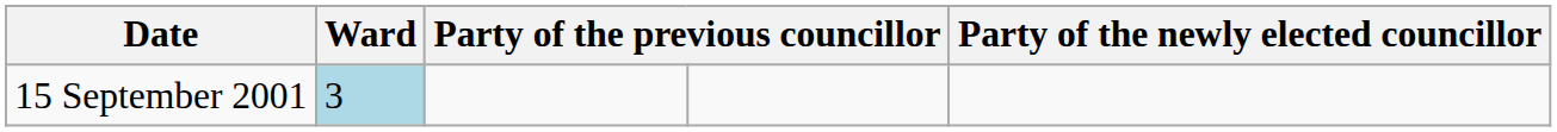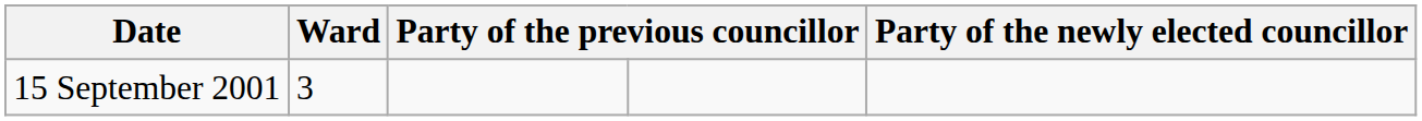 <table class="wikitable">
 <tr>
 <th>Date</th>
 <th>Ward</th>
 <th colspan=2>Party of the previous councillor</th>
 <th colspan=2>Party of the newly elected councillor</th>
 </tr>
 <tr>
 <td>15 September 2001</td>
-<td style="background: lightblue;">3</td>
+<td>3</td>
 <td></td>
 <td></td>
 </tr>
 </table>
